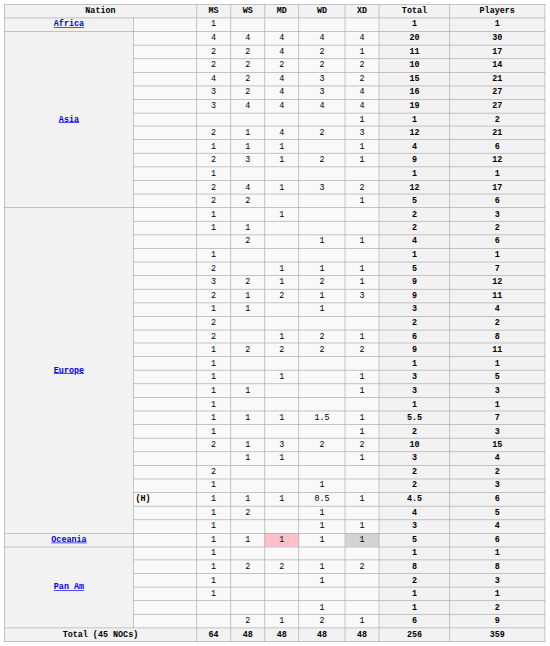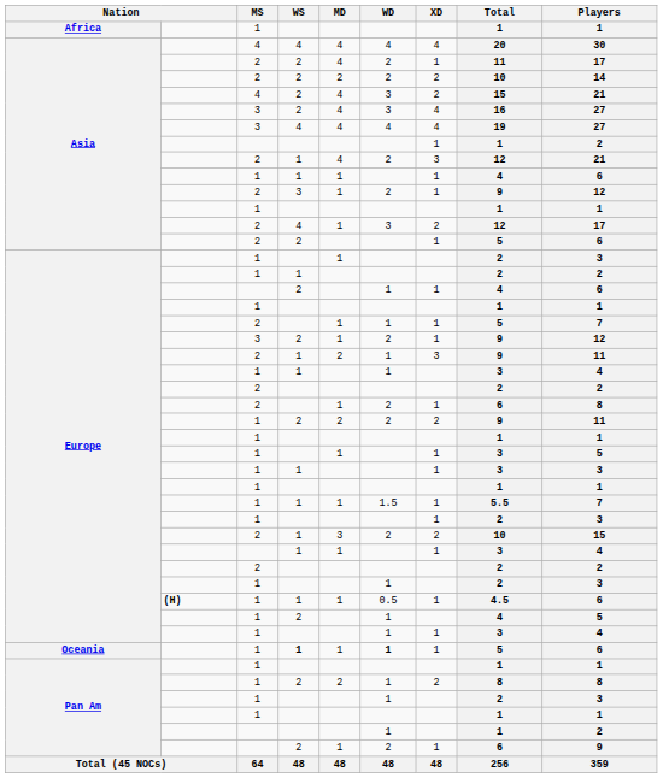 <table class="sortable wikitable" style="font-size:95%; text-align:center; width:90%">
 <tr>
 <th colspan="2">Nation</th>
 <th>MS</th>
 <th>WS</th>
 <th>MD</th>
 <th>WD</th>
 <th>XD</th>
 <th>Total</th>
 <th>Players</th>
 </tr>
 <tr>
 <th><a href='#'>Africa</a></th>
 <td align="left"></td>
 <td>1</td>
 <td></td>
 <td></td>
 <td></td>
 <td></td>
 <th>1</th>
 <th>1</th>
 </tr>
 <tr>
 <th rowspan="13"><a href='#'>Asia</a></th>
 <td align="left"></td>
 <td>4</td>
 <td>4</td>
 <td>4</td>
 <td>4</td>
 <td>4</td>
 <th>20</th>
 <th>30</th>
 </tr>
 <tr>
 <td align="left"></td>
 <td>2</td>
 <td>2</td>
 <td>4</td>
 <td>2</td>
 <td>1</td>
 <th>11</th>
 <th>17</th>
 </tr>
 <tr>
 <td align="left"></td>
 <td>2</td>
 <td>2</td>
 <td>2</td>
 <td>2</td>
 <td>2</td>
 <th>10</th>
 <th>14</th>
 </tr>
 <tr>
 <td align="left"></td>
 <td>4</td>
 <td>2</td>
 <td>4</td>
 <td>3</td>
 <td>2</td>
 <th>15</th>
 <th>21</th>
 </tr>
 <tr>
 <td align="left"></td>
 <td>3</td>
 <td>2</td>
 <td>4</td>
 <td>3</td>
 <td>4</td>
 <th>16</th>
 <th>27</th>
 </tr>
 <tr>
 <td align="left"></td>
 <td>3</td>
 <td>4</td>
 <td>4</td>
 <td>4</td>
 <td>4</td>
 <th>19</th>
 <th>27</th>
 </tr>
 <tr>
 <td align="left"></td>
 <td></td>
 <td></td>
 <td></td>
 <td></td>
 <td>1</td>
 <th>1</th>
 <th>2</th>
 </tr>
 <tr>
 <td align="left"></td>
 <td>2</td>
 <td>1</td>
 <td>4</td>
 <td>2</td>
 <td>3</td>
 <th>12</th>
 <th>21</th>
 </tr>
 <tr>
 <td align="left"></td>
 <td>1</td>
 <td>1</td>
 <td>1</td>
 <td></td>
 <td>1</td>
 <th>4</th>
 <th>6</th>
 </tr>
 <tr>
 <td align="left"></td>
 <td>2</td>
 <td>3</td>
 <td>1</td>
 <td>2</td>
 <td>1</td>
 <th>9</th>
 <th>12</th>
 </tr>
 <tr>
 <td align="left"></td>
 <td>1</td>
 <td></td>
 <td></td>
 <td></td>
 <td></td>
 <th>1</th>
 <th>1</th>
 </tr>
 <tr>
 <td align="left"></td>
 <td>2</td>
 <td>4</td>
 <td>1</td>
 <td>3</td>
 <td>2</td>
 <th>12</th>
 <th>17</th>
 </tr>
 <tr>
 <td align="left"></td>
 <td>2</td>
 <td>2</td>
 <td></td>
 <td></td>
 <td>1</td>
 <th>5</th>
 <th>6</th>
 </tr>
 <tr>
 <th rowspan="24"><a href='#'>Europe</a></th>
 <td align="left"></td>
 <td>1</td>
 <td></td>
 <td>1</td>
 <td></td>
 <td></td>
 <th>2</th>
 <th>3</th>
 </tr>
 <tr>
 <td align="left"></td>
 <td>1</td>
 <td>1</td>
 <td></td>
 <td></td>
 <td></td>
 <th>2</th>
 <th>2</th>
 </tr>
 <tr>
 <td align="left"></td>
 <td></td>
 <td>2</td>
 <td></td>
 <td>1</td>
 <td>1</td>
 <th>4</th>
 <th>6</th>
 </tr>
 <tr>
 <td align="left"></td>
 <td>1</td>
 <td></td>
 <td></td>
 <td></td>
 <td></td>
 <th>1</th>
 <th>1</th>
 </tr>
 <tr>
 <td align="left"></td>
 <td>2</td>
 <td></td>
 <td>1</td>
 <td>1</td>
 <td>1</td>
 <th>5</th>
 <th>7</th>
 </tr>
 <tr>
 <td align="left"></td>
 <td>3</td>
 <td>2</td>
 <td>1</td>
 <td>2</td>
 <td>1</td>
 <th>9</th>
 <th>12</th>
 </tr>
 <tr>
 <td align="left"></td>
 <td>2</td>
 <td>1</td>
 <td>2</td>
 <td>1</td>
 <td>3</td>
 <th>9</th>
 <th>11</th>
 </tr>
 <tr>
 <td align="left"></td>
 <td>1</td>
 <td>1</td>
 <td></td>
 <td>1</td>
 <td></td>
 <th>3</th>
 <th>4</th>
 </tr>
 <tr>
 <td align="left"></td>
 <td>2</td>
 <td></td>
 <td></td>
 <td></td>
 <td></td>
 <th>2</th>
 <th>2</th>
 </tr>
 <tr>
 <td align="left"></td>
 <td>2</td>
 <td></td>
 <td>1</td>
 <td>2</td>
 <td>1</td>
 <th>6</th>
 <th>8</th>
 </tr>
 <tr>
 <td align="left"></td>
 <td>1</td>
 <td>2</td>
 <td>2</td>
 <td>2</td>
 <td>2</td>
 <th>9</th>
 <th>11</th>
 </tr>
 <tr>
 <td align="left"></td>
 <td>1</td>
 <td></td>
 <td></td>
 <td></td>
 <td></td>
 <th>1</th>
 <th>1</th>
 </tr>
 <tr>
 <td align="left"></td>
 <td>1</td>
 <td></td>
 <td>1</td>
 <td></td>
 <td>1</td>
 <th>3</th>
 <th>5</th>
 </tr>
 <tr>
 <td align="left"></td>
 <td>1</td>
 <td>1</td>
 <td></td>
 <td></td>
 <td>1</td>
 <th>3</th>
 <th>3</th>
 </tr>
 <tr>
 <td align="left"></td>
 <td>1</td>
 <td></td>
 <td></td>
 <td></td>
 <td></td>
 <th>1</th>
 <th>1</th>
 </tr>
 <tr>
 <td align="left"></td>
 <td>1</td>
 <td>1</td>
 <td>1</td>
 <td>1.5</td>
 <td>1</td>
 <th>5.5</th>
 <th>7</th>
 </tr>
 <tr>
 <td align="left"></td>
 <td>1</td>
 <td></td>
 <td></td>
 <td></td>
 <td>1</td>
 <th>2</th>
 <th>3</th>
 </tr>
 <tr>
 <td align="left"></td>
 <td>2</td>
 <td>1</td>
 <td>3</td>
 <td>2</td>
 <td>2</td>
 <th>10</th>
 <th>15</th>
 </tr>
 <tr>
 <td align="left"></td>
 <td></td>
 <td>1</td>
 <td>1</td>
 <td></td>
 <td>1</td>
 <th>3</th>
 <th>4</th>
 </tr>
 <tr>
 <td align="left"></td>
 <td>2</td>
 <td></td>
 <td></td>
 <td></td>
 <td></td>
 <th>2</th>
 <th>2</th>
 </tr>
 <tr>
 <td align="left"></td>
 <td>1</td>
 <td></td>
 <td></td>
 <td>1</td>
 <td></td>
 <th>2</th>
 <th>3</th>
 </tr>
 <tr>
 <td align="left"> <strong>(H)</strong></td>
 <td>1</td>
 <td>1</td>
 <td>1</td>
 <td>0.5</td>
 <td>1</td>
 <th>4.5</th>
 <th>6</th>
 </tr>
 <tr>
 <td align="left"></td>
 <td>1</td>
 <td>2</td>
 <td></td>
 <td>1</td>
 <td></td>
 <th>4</th>
 <th>5</th>
 </tr>
 <tr>
 <td align="left"></td>
 <td>1</td>
 <td></td>
 <td></td>
 <td>1</td>
 <td>1</td>
 <th>3</th>
 <th>4</th>
 </tr>
 <tr>
 <th><a href='#'>Oceania</a></th>
 <td align="left"></td>
 <td>1</td>
+<td><strong>1</strong></td>
 <td>1</td>
-<td style="background: pink;">1</td>
+<td><strong>1</strong></td>
 <td>1</td>
-<td style="background: lightgrey;">1</td>
 <th>5</th>
 <th>6</th>
 </tr>
 <tr>
 <th rowspan="6"><a href='#'>Pan Am</a></th>
 <td align="left"></td>
 <td>1</td>
 <td></td>
 <td></td>
 <td></td>
 <td></td>
 <th>1</th>
 <th>1</th>
 </tr>
 <tr>
 <td align="left"></td>
 <td>1</td>
 <td>2</td>
 <td>2</td>
 <td>1</td>
 <td>2</td>
 <th>8</th>
 <th>8</th>
 </tr>
 <tr>
 <td align="left"></td>
 <td>1</td>
 <td></td>
 <td></td>
 <td>1</td>
 <td></td>
 <th>2</th>
 <th>3</th>
 </tr>
 <tr>
 <td align="left"></td>
 <td>1</td>
 <td></td>
 <td></td>
 <td></td>
 <td></td>
 <th>1</th>
 <th>1</th>
 </tr>
 <tr>
 <td align="left"></td>
 <td></td>
 <td></td>
 <td></td>
 <td>1</td>
 <td></td>
 <th>1</th>
 <th>2</th>
 </tr>
 <tr>
 <td align="left"></td>
 <td></td>
 <td>2</td>
 <td>1</td>
 <td>2</td>
 <td>1</td>
 <th>6</th>
 <th>9</th>
 </tr>
 <tr>
 <th colspan="2">Total (45 NOCs)</th>
 <th>64</th>
 <th>48</th>
 <th>48</th>
 <th>48</th>
 <th>48</th>
 <th>256</th>
 <th>359</th>
 </tr>
 </table>
